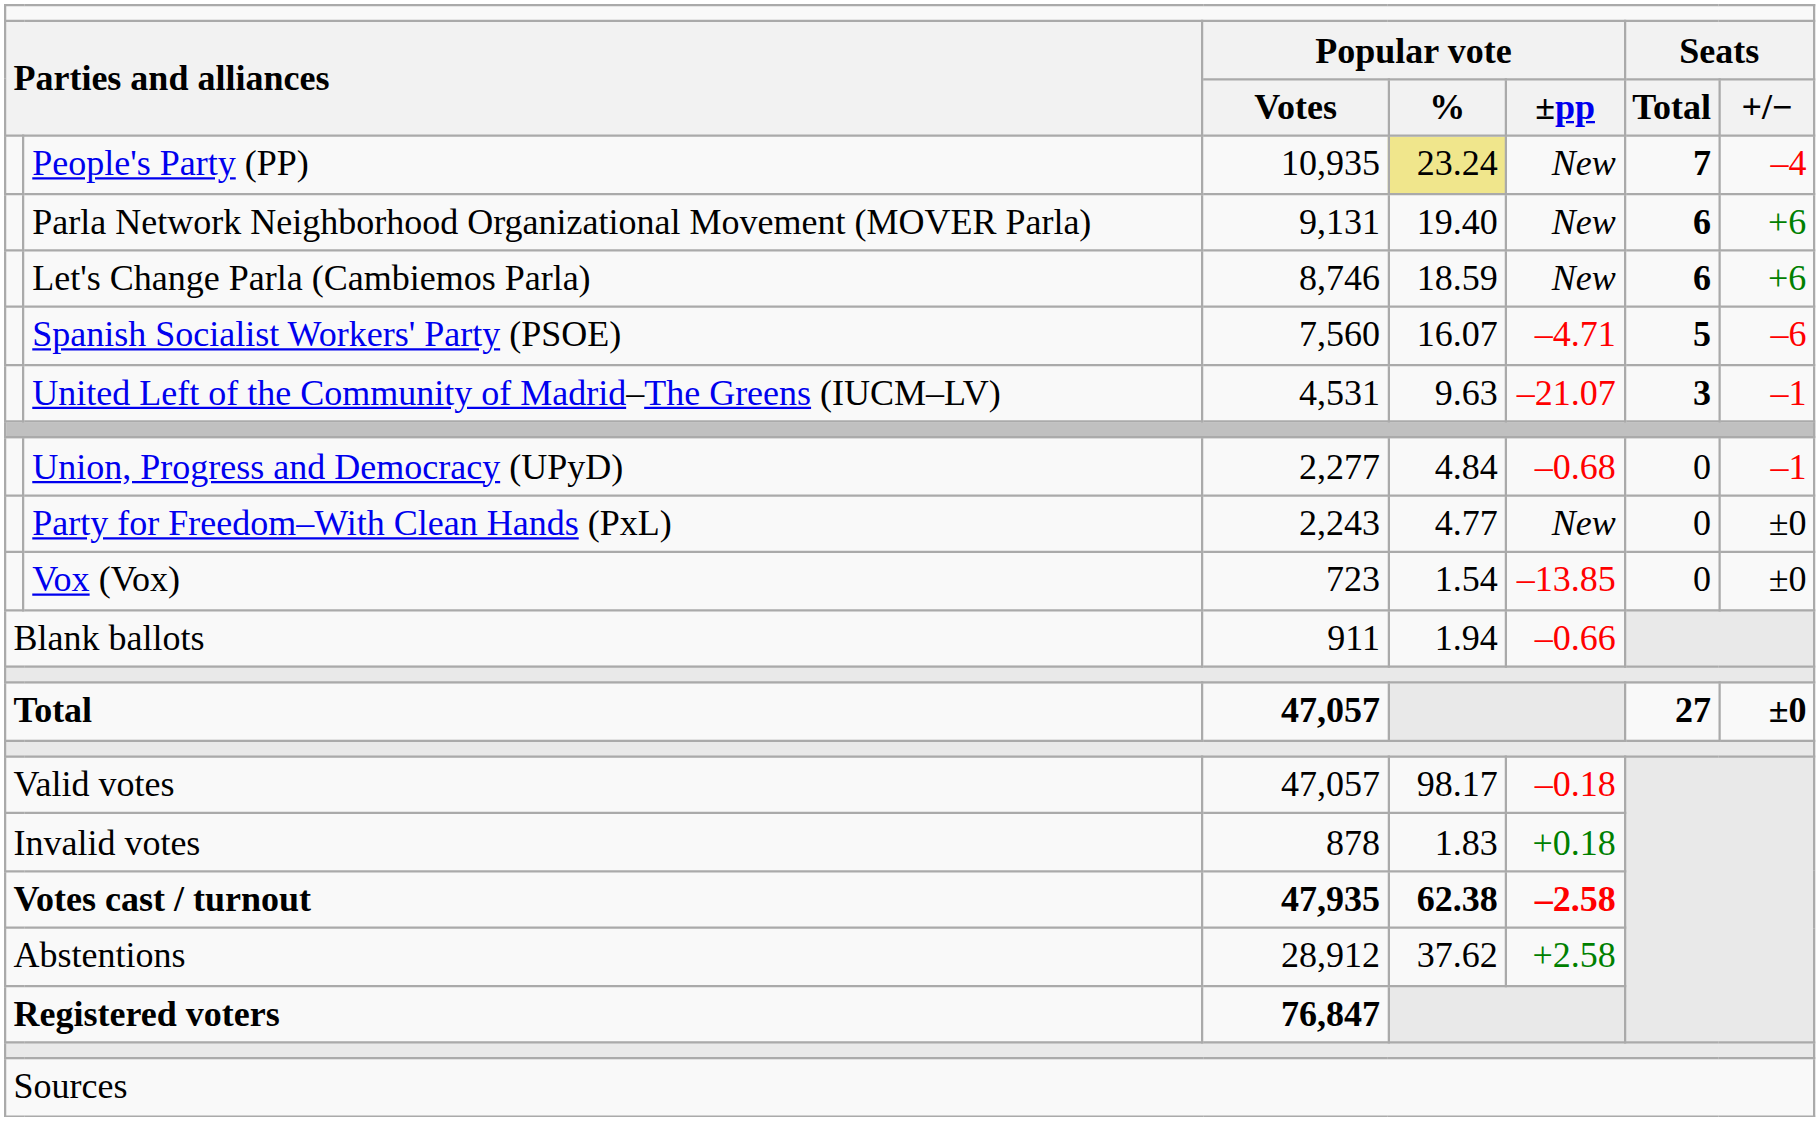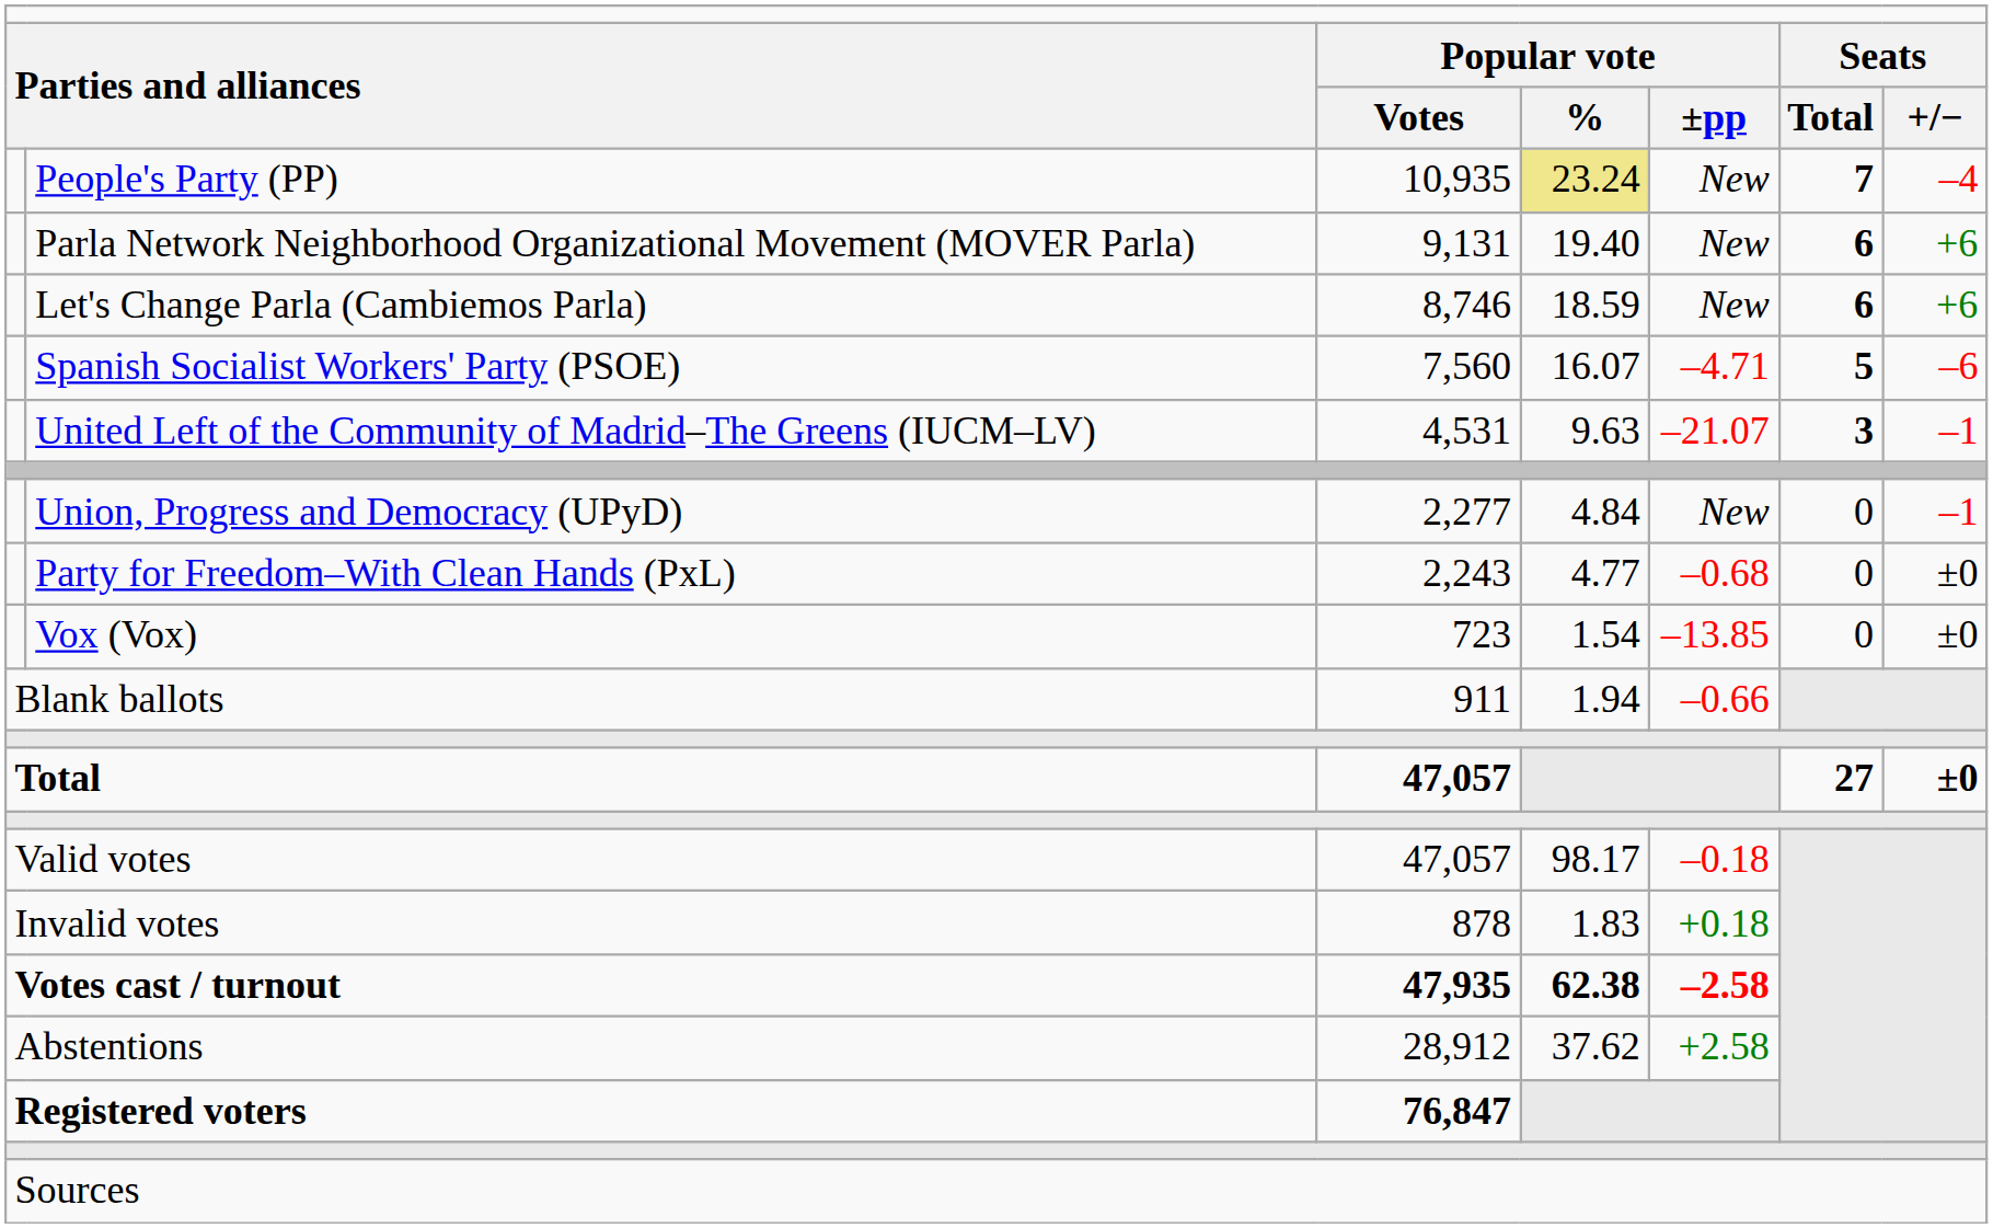 <table class="wikitable" style="text-align:right;">
 <tr>
 <td colspan="7"></td>
 </tr>
 <tr>
 <th style="text-align:left;" rowspan="2" colspan="2" width="525">Parties and alliances</th>
 <th colspan="3">Popular vote</th>
 <th colspan="2">Seats</th>
 </tr>
 <tr>
 <th width="75">Votes</th>
 <th width="45">%</th>
 <th width="45">±<a href='#'>pp</a></th>
 <th width="35">Total</th>
 <th width="35">+/−</th>
 </tr>
 <tr>
 <td width="1" style="color:inherit;background:"></td>
 <td align="left"><a href='#'>People's Party</a> (PP)</td>
 <td>10,935</td>
 <td style="background: khaki;">23.24</td>
 <td><em>New</em></td>
 <td><strong>7</strong></td>
 <td style="color:red;">–4</td>
 </tr>
 <tr>
 <td style="color:inherit;background:"></td>
 <td align="left">Parla Network Neighborhood Organizational Movement (MOVER Parla)</td>
 <td>9,131</td>
 <td>19.40</td>
 <td><em>New</em></td>
 <td><strong>6</strong></td>
 <td style="color:green;">+6</td>
 </tr>
 <tr>
 <td style="color:inherit;background:"></td>
 <td align="left">Let's Change Parla (Cambiemos Parla)</td>
 <td>8,746</td>
 <td>18.59</td>
 <td><em>New</em></td>
 <td><strong>6</strong></td>
 <td style="color:green;">+6</td>
 </tr>
 <tr>
 <td style="color:inherit;background:"></td>
 <td align="left"><a href='#'>Spanish Socialist Workers' Party</a> (PSOE)</td>
 <td>7,560</td>
 <td>16.07</td>
 <td style="color:red;">–4.71</td>
 <td><strong>5</strong></td>
 <td style="color:red;">–6</td>
 </tr>
 <tr>
 <td style="color:inherit;background:"></td>
 <td align="left"><a href='#'>United Left of the Community of Madrid</a>–<a href='#'>The Greens</a> (IUCM–LV)</td>
 <td>4,531</td>
 <td>9.63</td>
 <td style="color:red;">–21.07</td>
 <td><strong>3</strong></td>
 <td style="color:red;">–1</td>
 </tr>
 <tr>
 <td colspan="7" bgcolor="#C0C0C0"></td>
 </tr>
 <tr>
 <td style="color:inherit;background:"></td>
 <td align="left"><a href='#'>Union, Progress and Democracy</a> (UPyD)</td>
 <td>2,277</td>
 <td>4.84</td>
-<td style="color:red;">–0.68</td>
+<td><em>New</em></td>
 <td>0</td>
 <td style="color:red;">–1</td>
 </tr>
 <tr>
 <td style="color:inherit;background:"></td>
 <td align="left"><a href='#'>Party for Freedom–With Clean Hands</a> (PxL)</td>
 <td>2,243</td>
 <td>4.77</td>
-<td><em>New</em></td>
+<td style="color:red;">–0.68</td>
 <td>0</td>
 <td>±0</td>
 </tr>
 <tr>
 <td style="color:inherit;background:"></td>
 <td align="left"><a href='#'>Vox</a> (Vox)</td>
 <td>723</td>
 <td>1.54</td>
 <td style="color:red;">–13.85</td>
 <td>0</td>
 <td>±0</td>
 </tr>
 <tr>
 <td align="left" colspan="2">Blank ballots</td>
 <td>911</td>
 <td>1.94</td>
 <td style="color:red;">–0.66</td>
 <td bgcolor="#E9E9E9" colspan="2"></td>
 </tr>
 <tr>
 <td colspan="7" bgcolor="#E9E9E9"></td>
 </tr>
 <tr style="font-weight:bold;">
 <td align="left" colspan="2">Total</td>
 <td>47,057</td>
 <td bgcolor="#E9E9E9" colspan="2"></td>
 <td>27</td>
 <td>±0</td>
 </tr>
 <tr>
 <td colspan="7" bgcolor="#E9E9E9"></td>
 </tr>
 <tr>
 <td align="left" colspan="2">Valid votes</td>
 <td>47,057</td>
 <td>98.17</td>
 <td style="color:red;">–0.18</td>
 <td bgcolor="#E9E9E9" colspan="2" rowspan="5"></td>
 </tr>
 <tr>
 <td align="left" colspan="2">Invalid votes</td>
 <td>878</td>
 <td>1.83</td>
 <td style="color:green;">+0.18</td>
 </tr>
 <tr style="font-weight:bold;">
 <td align="left" colspan="2">Votes cast / turnout</td>
 <td>47,935</td>
 <td>62.38</td>
 <td style="color:red;">–2.58</td>
 </tr>
 <tr>
 <td align="left" colspan="2">Abstentions</td>
 <td>28,912</td>
 <td>37.62</td>
 <td style="color:green;">+2.58</td>
 </tr>
 <tr style="font-weight:bold;">
 <td align="left" colspan="2">Registered voters</td>
 <td>76,847</td>
 <td bgcolor="#E9E9E9" colspan="2"></td>
 </tr>
 <tr>
 <td colspan="7" bgcolor="#E9E9E9"></td>
 </tr>
 <tr>
 <td align="left" colspan="7">Sources</td>
 </tr>
 </table>
